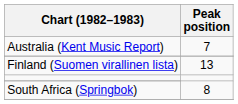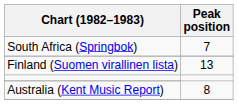 <table class="wikitable sortable">
 <tr>
 <th>Chart (1982–1983)</th>
 <th>Peak<br>position</th>
 </tr>
 <tr>
-<td>Australia (<a href='#'>Kent Music Report</a>)</td>
+<td>South Africa (<a href='#'>Springbok</a>)</td>
 <td align="center">7</td>
 </tr>
 <tr>
 </tr>
 <tr>
 </tr>
 <tr>
 <td>Finland (<a href='#'>Suomen virallinen lista</a>)</td>
 <td align="center">13</td>
 </tr>
 <tr>
 <td></td>
 </tr>
 <tr>
 </tr>
 <tr>
-<td>South Africa (<a href='#'>Springbok</a>)</td>
+<td>Australia (<a href='#'>Kent Music Report</a>)</td>
 <td align="center">8</td>
 </tr>
 <tr>
 </tr>
 <tr>
 </tr>
 <tr>
 </tr>
 <tr>
 </tr>
 </table>
